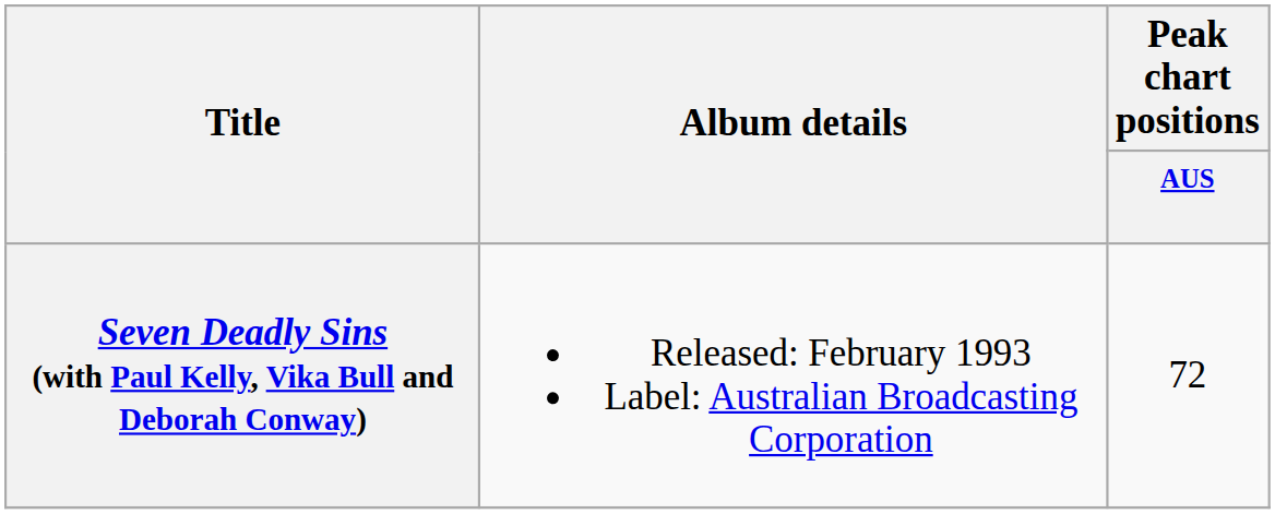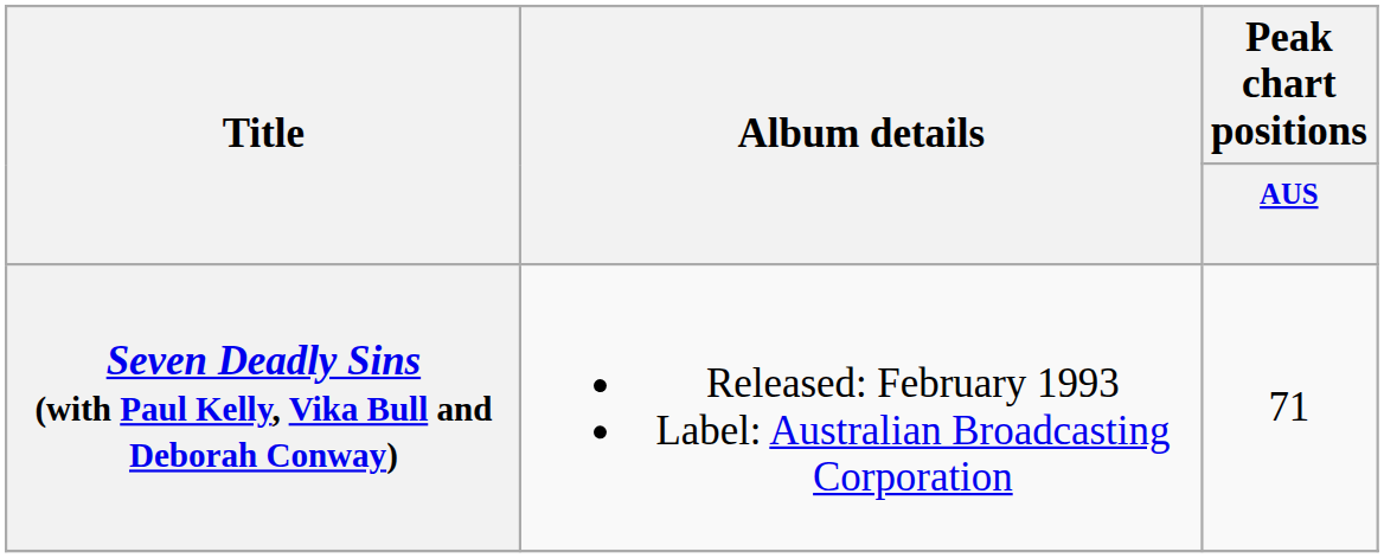 <table class="wikitable plainrowheaders" style="text-align:center;" border="1">
 <tr>
 <th scope="col" rowspan="2" style="width:12em;">Title</th>
 <th scope="col" rowspan="2" style="width:16em;">Album details</th>
 <th colspan="1">Peak chart positions</th>
 </tr>
 <tr>
 <th scope="col" style="width:3em; font-size:85%"><small><a href='#'>AUS</a><br><br></small></th>
 </tr>
 <tr>
 <th scope="row"><em><a href='#'>Seven Deadly Sins</a></em> <br> <small> (with <a href='#'>Paul Kelly</a>, <a href='#'>Vika Bull</a> and <a href='#'>Deborah Conway</a>)</small></th>
 <td><br><ul><li>Released: February 1993</li><li>Label: <a href='#'>Australian Broadcasting Corporation</a></li></ul></td>
-<td align="center">72</td>
+<td align="center">71</td>
 </tr>
 <tr>
 </tr>
 </table>
